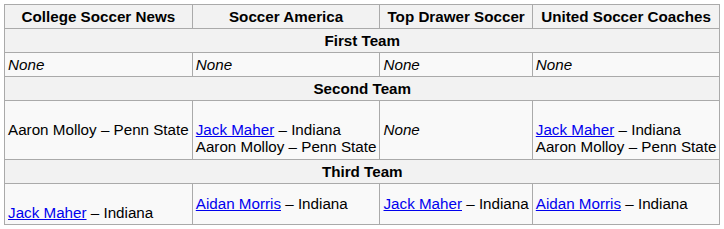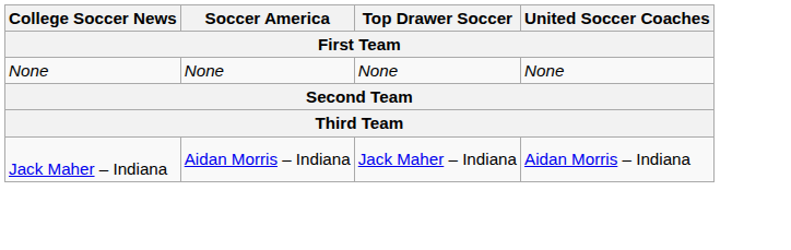 <table class="wikitable" style="font-size: 95%">
 <tr>
 <th>College Soccer News</th>
 <th>Soccer America<em></em></th>
 <th>Top Drawer Soccer</th>
 <th>United Soccer Coaches</th>
 </tr>
 <tr>
 <th colspan=4>First Team</th>
 </tr>
 <tr>
 <td><em>None</em></td>
 <td><em>None</em></td>
 <td><em>None</em></td>
 <td><em>None</em></td>
 </tr>
 <tr>
 <th colspan=4>Second Team</th>
 </tr>
 <tr>
-<td>Aaron Molloy – Penn State</td>
-<td><br><a href='#'>Jack Maher</a> – Indiana<br> Aaron Molloy – Penn State</td>
-<td><em>None</em></td>
-<td><br><a href='#'>Jack Maher</a> – Indiana<br> Aaron Molloy – Penn State</td>
-</tr>
-<tr>
 <th colspan=4>Third Team</th>
 </tr>
 <tr>
 <td><br><a href='#'>Jack Maher</a> – Indiana</td>
 <td><a href='#'>Aidan Morris</a> – Indiana</td>
 <td><a href='#'>Jack Maher</a> – Indiana</td>
 <td><a href='#'>Aidan Morris</a> – Indiana</td>
 </tr>
 </table>
